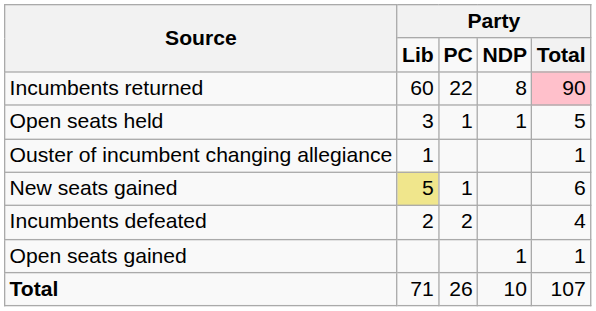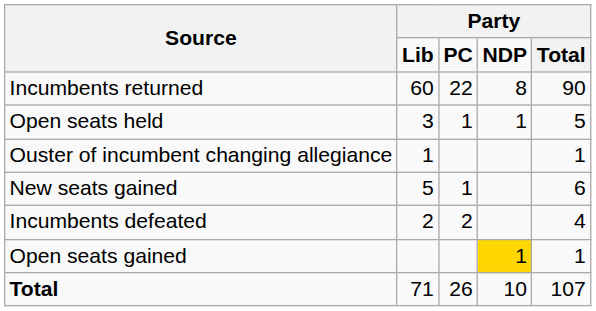 <table class="wikitable" style="text-align:right;">
 <tr>
 <th rowspan="2">Source</th>
 <th colspan="6">Party</th>
 </tr>
 <tr>
 <td><strong>Lib</strong></td>
 <td><strong>PC</strong></td>
 <td><strong>NDP</strong></td>
 <th>Total</th>
 </tr>
 <tr>
 <td style="text-align:left;">Incumbents returned</td>
 <td>60</td>
 <td>22</td>
 <td>8</td>
-<td style="background: pink;">90</td>
+<td>90</td>
 </tr>
 <tr>
 <td style="text-align:left;">Open seats held</td>
 <td>3</td>
 <td>1</td>
 <td>1</td>
 <td>5</td>
 </tr>
 <tr>
 <td style="text-align:left;">Ouster of incumbent changing allegiance</td>
 <td>1</td>
 <td></td>
 <td></td>
 <td>1</td>
 </tr>
 <tr>
 <td style="text-align:left;">New seats gained</td>
-<td style="background: khaki;">5</td>
+<td>5</td>
 <td>1</td>
 <td></td>
 <td>6</td>
 </tr>
 <tr>
 <td style="text-align:left;">Incumbents defeated</td>
 <td>2</td>
 <td>2</td>
 <td></td>
 <td>4</td>
 </tr>
 <tr>
 <td style="text-align:left;">Open seats gained</td>
 <td></td>
 <td></td>
-<td>1</td>
+<td style="background: gold;">1</td>
 <td>1</td>
 </tr>
 <tr>
 <td style="text-align:left;"><strong>Total</strong></td>
 <td>71</td>
 <td>26</td>
 <td>10</td>
 <td>107</td>
 </tr>
 </table>
